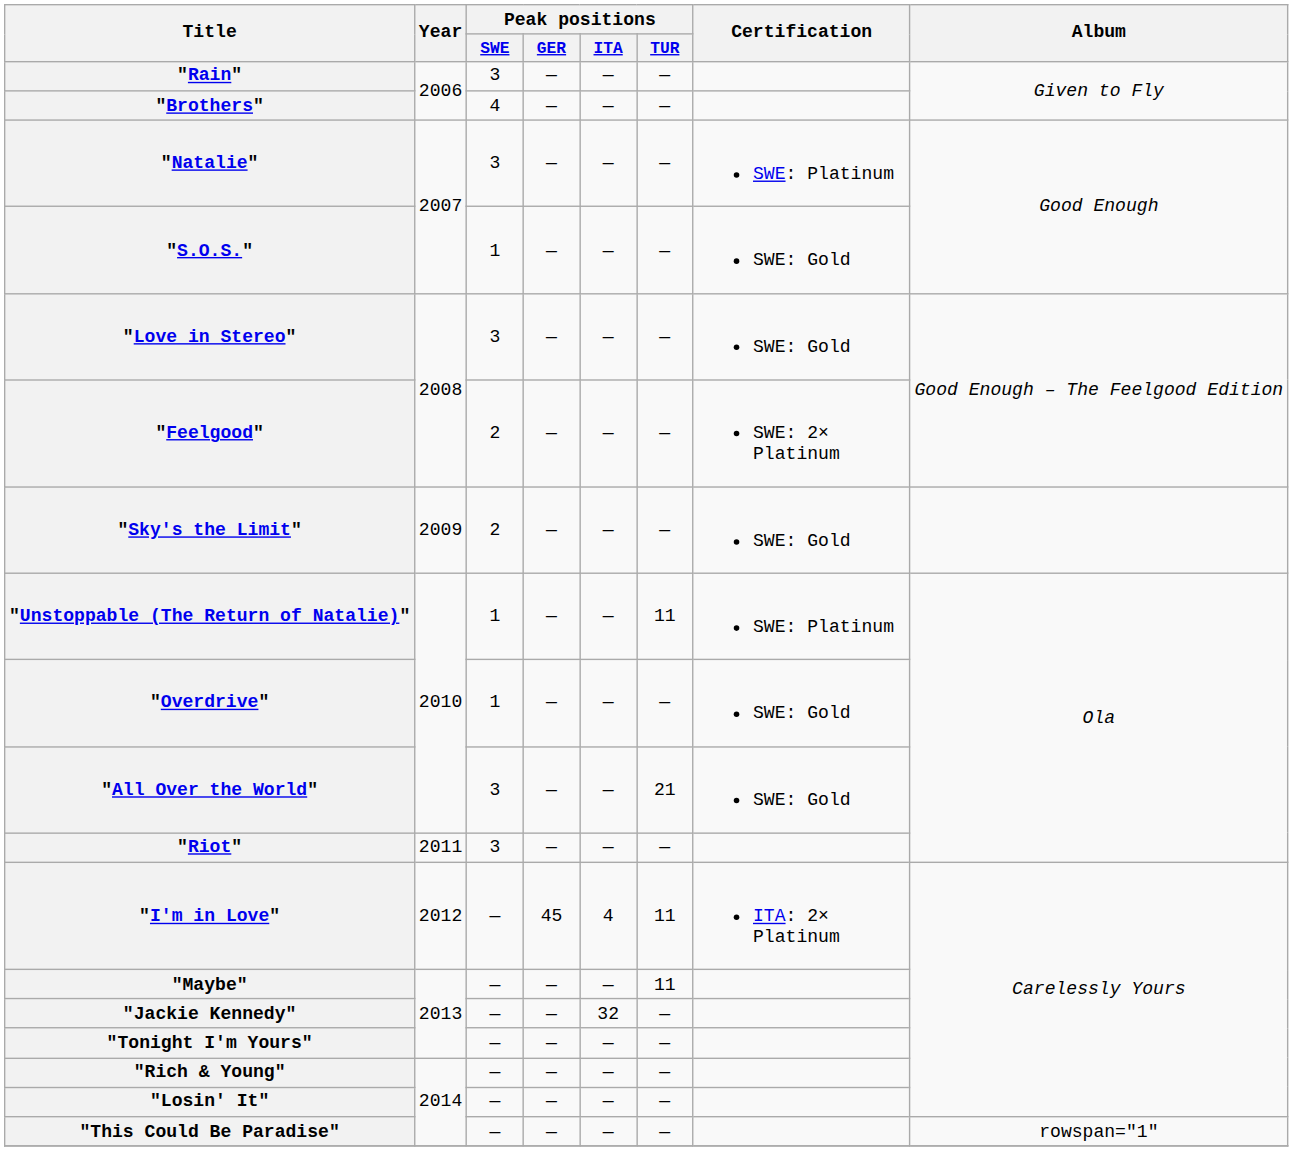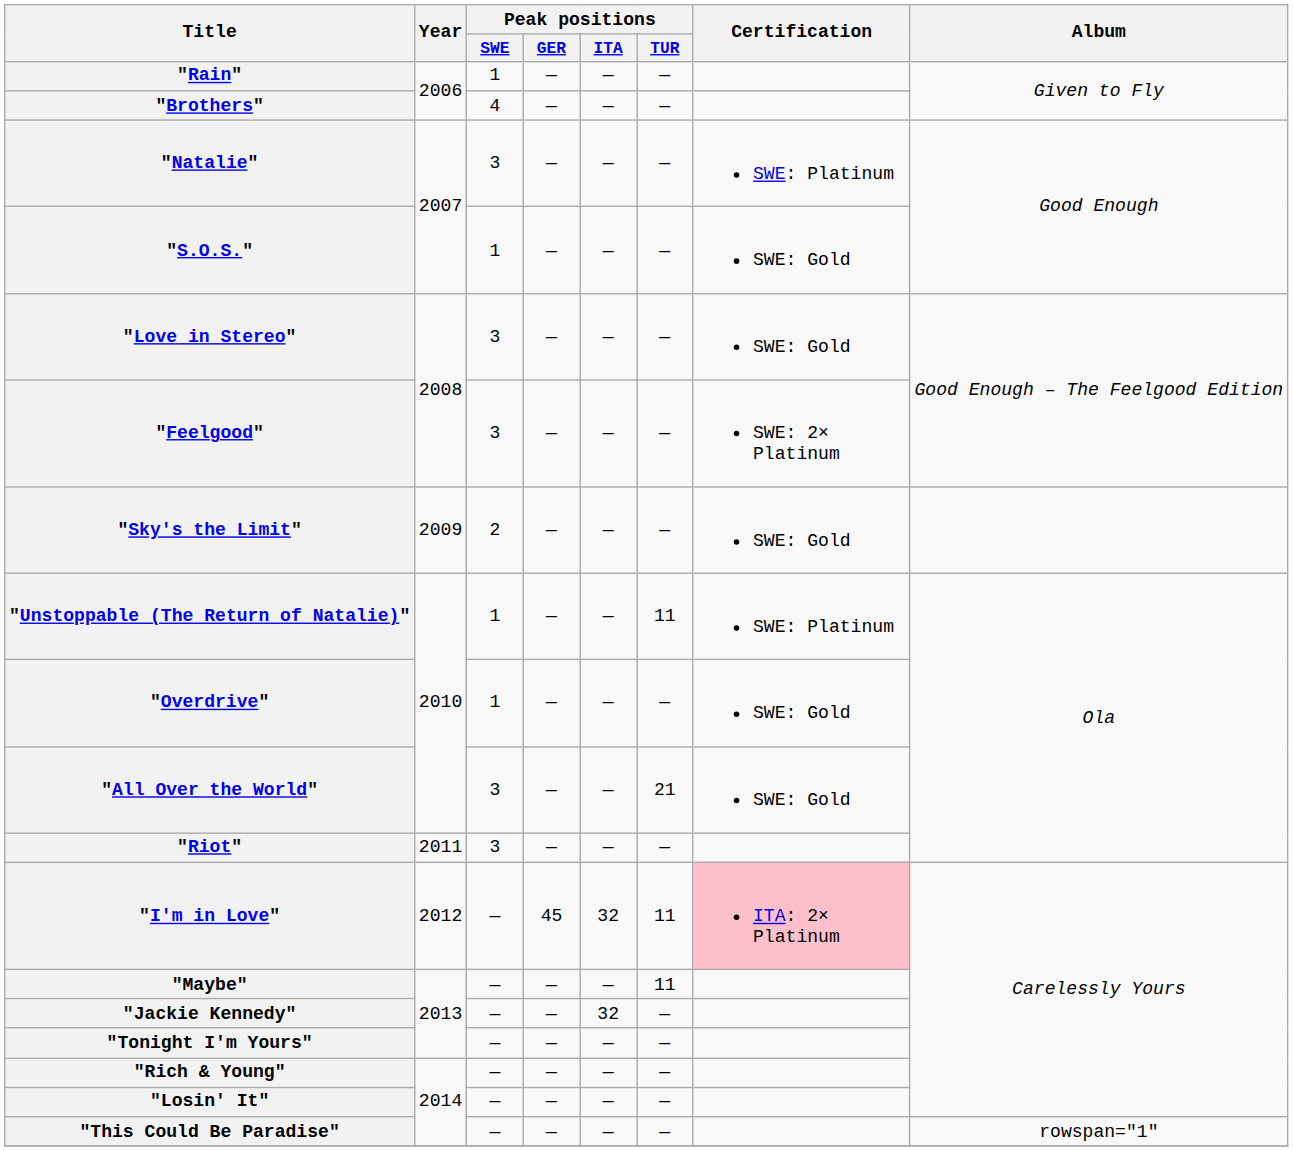 <table class="wikitable plainrowheaders" style="text-align:center;">
 <tr>
 <th scope="col" rowspan="2">Title</th>
 <th scope="col" rowspan="2">Year</th>
 <th scope="col" colspan="4">Peak positions</th>
 <th rowspan="2" style="width:150px;">Certification</th>
 <th scope="col" rowspan="2">Album</th>
 </tr>
 <tr>
 <th scope="col" style="width:3em;font-size:90%;"><a href='#'>SWE</a><br></th>
 <th scope="col" style="width:3em;font-size:90%;"><a href='#'>GER</a><br></th>
 <th scope="col" style="width:3em;font-size:90%;"><a href='#'>ITA</a><br></th>
 <th scope="col" style="width:3em;font-size:90%;"><a href='#'>TUR</a><br></th>
 </tr>
 <tr>
 <th scope="row">"<a href='#'>Rain</a>"</th>
 <td rowspan="2">2006</td>
-<td>3</td>
+<td>1</td>
 <td>—</td>
 <td>—</td>
 <td>—</td>
 <td></td>
 <td rowspan="2"><em>Given to Fly</em></td>
 </tr>
 <tr>
 <th scope="row">"<a href='#'>Brothers</a>"</th>
 <td>4</td>
 <td>—</td>
 <td>—</td>
 <td>—</td>
 </tr>
 <tr>
 <th scope="row">"<a href='#'>Natalie</a>"</th>
 <td rowspan="2">2007</td>
 <td>3</td>
 <td>—</td>
 <td>—</td>
 <td>—</td>
 <td style="text-align:left;"><br><ul><li><a href='#'>SWE</a>: Platinum</li></ul></td>
 <td rowspan="2"><em>Good Enough</em></td>
 </tr>
 <tr>
 <th scope="row">"<a href='#'>S.O.S.</a>"</th>
 <td>1</td>
 <td>—</td>
 <td>—</td>
 <td>—</td>
 <td style="text-align:left;"><br><ul><li>SWE: Gold</li></ul></td>
 </tr>
 <tr>
 <th scope="row">"<a href='#'>Love in Stereo</a>"</th>
 <td rowspan="2">2008</td>
 <td>3</td>
 <td>—</td>
 <td>—</td>
 <td>—</td>
 <td style="text-align:left;"><br><ul><li>SWE: Gold</li></ul></td>
 <td rowspan="2"><em>Good Enough – The Feelgood Edition</em></td>
 </tr>
 <tr>
 <th scope="row">"<a href='#'>Feelgood</a>"</th>
-<td>2</td>
+<td>3</td>
 <td>—</td>
 <td>—</td>
 <td>—</td>
 <td style="text-align:left;"><br><ul><li>SWE: 2× Platinum</li></ul></td>
 </tr>
 <tr>
 <th scope="row">"<a href='#'>Sky's the Limit</a>"</th>
 <td>2009</td>
 <td>2</td>
 <td>—</td>
 <td>—</td>
 <td>—</td>
 <td style="text-align:left;"><br><ul><li>SWE: Gold</li></ul></td>
 <td></td>
 </tr>
 <tr>
 <th scope="row">"<a href='#'>Unstoppable (The Return of Natalie)</a>"</th>
 <td rowspan="3">2010</td>
 <td>1</td>
 <td>—</td>
 <td>—</td>
 <td>11</td>
 <td style="text-align:left;"><br><ul><li>SWE: Platinum</li></ul></td>
 <td rowspan="4"><em>Ola</em></td>
 </tr>
 <tr>
 <th scope="row">"<a href='#'>Overdrive</a>"</th>
 <td>1</td>
 <td>—</td>
 <td>—</td>
 <td>—</td>
 <td style="text-align:left;"><br><ul><li>SWE: Gold</li></ul></td>
 </tr>
 <tr>
 <th scope="row">"<a href='#'>All Over the World</a>"</th>
 <td>3</td>
 <td>—</td>
 <td>—</td>
 <td>21</td>
 <td style="text-align:left;"><br><ul><li>SWE: Gold</li></ul></td>
 </tr>
 <tr>
 <th scope="row">"<a href='#'>Riot</a>"</th>
 <td>2011</td>
 <td>3</td>
 <td>—</td>
 <td>—</td>
 <td>—</td>
 </tr>
 <tr>
 <th scope="row">"<a href='#'>I'm in Love</a>"</th>
 <td>2012</td>
 <td>—</td>
 <td>45</td>
-<td>4</td>
+<td>32</td>
 <td>11</td>
-<td style="text-align:left;"><br><ul><li><a href='#'>ITA</a>: 2× Platinum</li></ul></td>
+<td style="background: pink; text-align:left;"><br><ul><li><a href='#'>ITA</a>: 2× Platinum</li></ul></td>
 <td rowspan="6"><em>Carelessly Yours</em></td>
 </tr>
 <tr>
 <th scope="row">"Maybe"</th>
 <td rowspan="3">2013</td>
 <td>—</td>
 <td>—</td>
 <td>—</td>
 <td>11</td>
 <td style="text-align:left;"></td>
 </tr>
 <tr>
 <th scope="row">"Jackie Kennedy"</th>
 <td>—</td>
 <td>—</td>
 <td>32</td>
 <td>—</td>
 <td style="text-align:left;"></td>
 </tr>
 <tr>
 <th scope="row">"Tonight I'm Yours"</th>
 <td>—</td>
 <td>—</td>
 <td>—</td>
 <td>—</td>
 <td style="text-align:left;"></td>
 </tr>
 <tr>
 <th scope="row">"Rich & Young"</th>
 <td rowspan="3">2014</td>
 <td>—</td>
 <td>—</td>
 <td>—</td>
 <td>—</td>
 <td style="text-align:left;"></td>
 </tr>
 <tr>
 <th scope="row">"Losin' It"</th>
 <td>—</td>
 <td>—</td>
 <td>—</td>
 <td>—</td>
 <td style="text-align:left;"></td>
 </tr>
 <tr>
 <th scope="row">"This Could Be Paradise"</th>
 <td>—</td>
 <td>—</td>
 <td>—</td>
 <td>—</td>
 <td></td>
 <td>rowspan="1" </td>
 </tr>
 <tr>
 </tr>
 </table>
